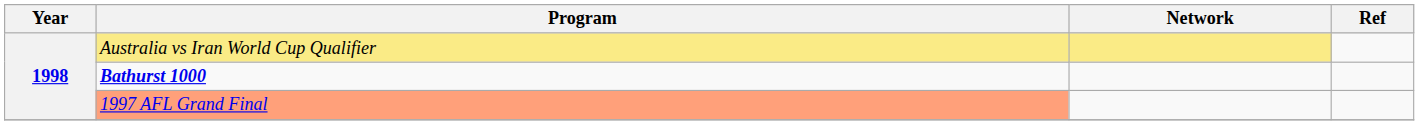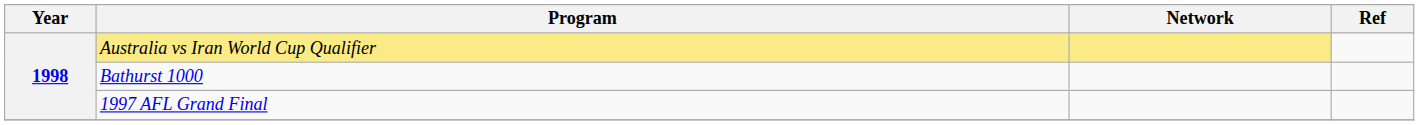 <table class="wikitable sortable">
 <tr style="background:#bebebe;">
 <th scope="col" style="width:1%;">Year</th>
 <th scope="col" style="width:16%;">Program</th>
 <th scope="col" style="width:4%;">Network</th>
 <th scope="col" style="width:1%;" class="unsortable">Ref</th>
 </tr>
 <tr>
 <th scope="row" rowspan="3" style="text-align:center"><a href='#'>1998</a></th>
 <td style="background:#FAEB86"><em>Australia vs Iran World Cup Qualifier</em></td>
 <td style="background:#FAEB86"></td>
 <td></td>
 </tr>
 <tr>
-<td><strong><em><a href='#'>Bathurst 1000</a></em></strong></td>
+<td><em><a href='#'>Bathurst 1000</a></em></td>
 <td></td>
 <td></td>
 </tr>
 <tr>
-<td style="background: lightsalmon;"><em><a href='#'>1997 AFL Grand Final</a></em></td>
+<td><em><a href='#'>1997 AFL Grand Final</a></em></td>
 <td></td>
 <td></td>
 </tr>
 <tr>
 </tr>
 </table>
